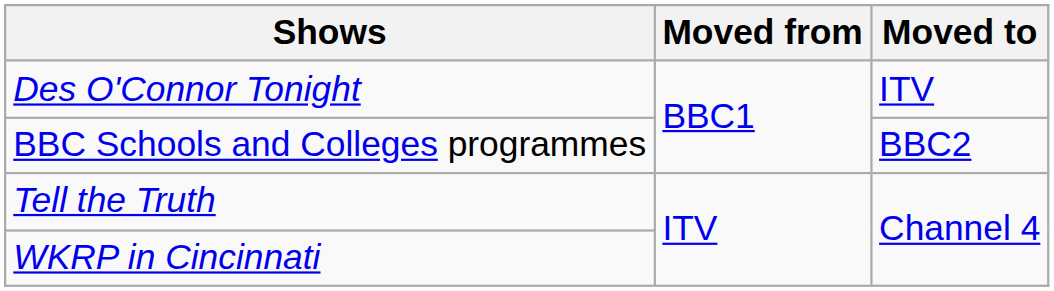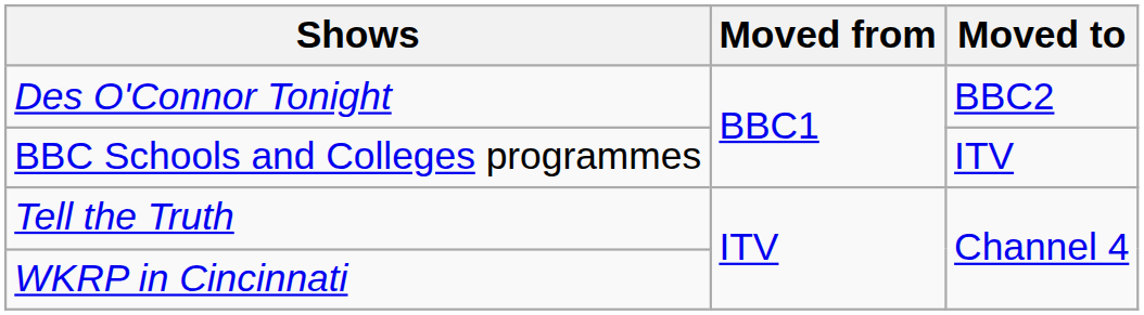 <table class="wikitable">
 <tr>
 <th>Shows</th>
 <th>Moved from</th>
 <th>Moved to</th>
 </tr>
 <tr>
 <td><em><a href='#'>Des O'Connor Tonight</a></em></td>
 <td rowspan=2><a href='#'>BBC1</a></td>
-<td><a href='#'>ITV</a></td>
+<td><a href='#'>BBC2</a></td>
 </tr>
 <tr>
 <td><a href='#'>BBC Schools and Colleges</a> programmes</td>
-<td><a href='#'>BBC2</a></td>
+<td><a href='#'>ITV</a></td>
 </tr>
 <tr>
 <td><em><a href='#'>Tell the Truth</a></em></td>
 <td rowspan=2><a href='#'>ITV</a></td>
 <td rowspan=2><a href='#'>Channel 4</a></td>
 </tr>
 <tr>
 <td><em><a href='#'>WKRP in Cincinnati</a></em></td>
 </tr>
 </table>
